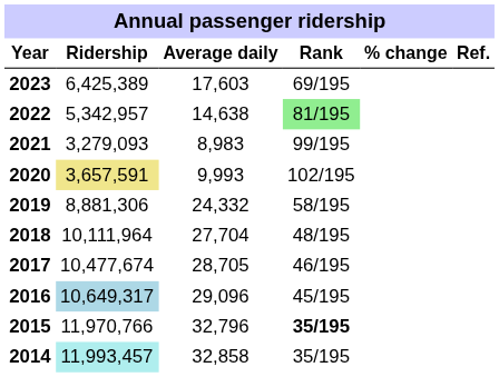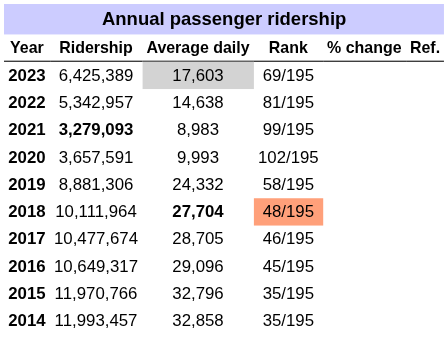 <table class="toccolours" cellpadding="4" cellspacing="0" style="text-align:right;">
 <tr>
 <th colspan="6"  style="background-color:#ccf; background-color:#ccf; font-size:110%; text-align:center;">Annual passenger ridership</th>
 </tr>
 <tr style="font-size:95%; text-align:center">
 <th style="border-bottom:1px solid black">Year</th>
 <th style="border-bottom:1px solid black">Ridership</th>
 <th style="border-bottom:1px solid black">Average daily</th>
 <th style="border-bottom:1px solid black">Rank</th>
 <th style="border-bottom:1px solid black">% change</th>
 <th style="border-bottom:1px solid black">Ref.</th>
 </tr>
 <tr style="text-align:center;">
 <td><strong>2023</strong></td>
 <td>6,425,389</td>
-<td>17,603</td>
+<td style="background: lightgrey;">17,603</td>
 <td>69/195</td>
 <td></td>
 <td></td>
 </tr>
 <tr style="text-align:center;">
 <td><strong>2022</strong></td>
 <td>5,342,957</td>
 <td>14,638</td>
-<td style="background: lightgreen;">81/195</td>
+<td>81/195</td>
 <td></td>
 <td></td>
 </tr>
 <tr style="text-align:center;">
 <td><strong>2021</strong></td>
-<td>3,279,093</td>
+<td><strong>3,279,093</strong></td>
 <td>8,983</td>
 <td>99/195</td>
 <td></td>
 <td></td>
 </tr>
 <tr style="text-align:center;">
 <td><strong>2020</strong></td>
-<td style="background: khaki;">3,657,591</td>
+<td>3,657,591</td>
 <td>9,993</td>
 <td>102/195</td>
 <td></td>
 <td></td>
 </tr>
 <tr style="text-align:center;">
 <td><strong>2019</strong></td>
 <td>8,881,306</td>
 <td>24,332</td>
 <td>58/195</td>
 <td></td>
 <td></td>
 </tr>
 <tr style="text-align:center;">
 <td><strong>2018</strong></td>
 <td>10,111,964</td>
-<td>27,704</td>
-<td>48/195</td>
+<td><strong>27,704</strong></td>
+<td style="background: lightsalmon;">48/195</td>
 <td></td>
 <td></td>
 </tr>
 <tr style="text-align:center;">
 <td><strong>2017</strong></td>
 <td>10,477,674</td>
 <td>28,705</td>
 <td>46/195</td>
 <td></td>
 <td></td>
 </tr>
 <tr style="text-align:center;">
 <td><strong>2016</strong></td>
-<td style="background: lightblue;">10,649,317</td>
+<td>10,649,317</td>
 <td>29,096</td>
 <td>45/195</td>
 <td></td>
 <td></td>
 </tr>
 <tr style="text-align:center;">
 <td><strong>2015</strong></td>
 <td>11,970,766</td>
 <td>32,796</td>
-<td><strong>35/195</strong></td>
+<td>35/195</td>
 <td></td>
 <td></td>
 </tr>
 <tr style="text-align:center;">
 <td><strong>2014</strong></td>
-<td style="background: paleturquoise;">11,993,457</td>
+<td>11,993,457</td>
 <td>32,858</td>
 <td>35/195</td>
 <td></td>
 <td></td>
 </tr>
 </table>
